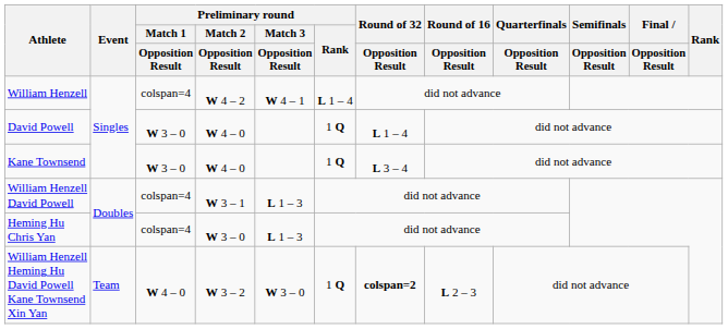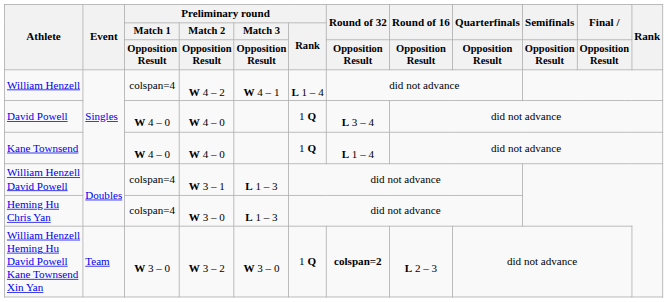 <table class="wikitable" style="font-size:90%">
 <tr>
 <th rowspan=3>Athlete</th>
 <th rowspan=3>Event</th>
 <th colspan=4>Preliminary round</th>
 <th rowspan=2>Round of 32</th>
 <th rowspan=2>Round of 16</th>
 <th rowspan=2>Quarterfinals</th>
 <th rowspan=2>Semifinals</th>
 <th rowspan=2>Final / </th>
 <th rowspan=3>Rank</th>
 </tr>
 <tr style="font-size:95%">
 <th>Match 1</th>
 <th>Match 2</th>
 <th>Match 3</th>
 <th rowspan=2>Rank</th>
 </tr>
 <tr style="font-size:95%">
 <th>Opposition<br>Result</th>
 <th>Opposition<br>Result</th>
 <th>Opposition<br>Result</th>
 <th>Opposition<br>Result</th>
 <th>Opposition<br>Result</th>
 <th>Opposition<br>Result</th>
 <th>Opposition<br>Result</th>
 <th>Opposition<br>Result</th>
 </tr>
 <tr align=center>
 <td align=left><a href='#'>William Henzell</a></td>
 <td align=left rowspan=3><a href='#'>Singles</a></td>
 <td>colspan=4 </td>
 <td><br><strong>W</strong> 4 – 2</td>
 <td><br><strong>W</strong> 4 – 1</td>
 <td><br><strong>L</strong> 1 – 4</td>
 <td colspan=3>did not advance</td>
 </tr>
 <tr align=center>
 <td align=left><a href='#'>David Powell</a></td>
-<td><br><strong>W</strong> 3 – 0</td>
+<td><br><strong>W</strong> 4 – 0</td>
+<td><br><strong>W</strong> 4 – 0</td>
+<td></td>
+<td>1 <strong>Q</strong></td>
+<td><br><strong>L</strong> 3 – 4</td>
+<td colspan=5>did not advance</td>
+</tr>
+<tr align=center>
+<td align=left><a href='#'>Kane Townsend</a></td>
+<td><br><strong>W</strong> 4 – 0</td>
 <td><br><strong>W</strong> 4 – 0</td>
 <td></td>
 <td>1 <strong>Q</strong></td>
 <td><br><strong>L</strong> 1 – 4</td>
-<td colspan=5>did not advance</td>
-</tr>
-<tr align=center>
-<td align=left><a href='#'>Kane Townsend</a></td>
-<td><br><strong>W</strong> 3 – 0</td>
-<td><br><strong>W</strong> 4 – 0</td>
-<td></td>
-<td>1 <strong>Q</strong></td>
-<td><br><strong>L</strong> 3 – 4</td>
 <td colspan=5>did not advance</td>
 </tr>
 <tr align=center>
 <td align=left><a href='#'>William Henzell</a><br><a href='#'>David Powell</a></td>
 <td align=left rowspan=2><a href='#'>Doubles</a></td>
 <td>colspan=4 </td>
 <td><br><strong>W</strong> 3 – 1</td>
 <td><br><strong>L</strong> 1 – 3</td>
 <td colspan=4>did not advance</td>
 </tr>
 <tr align=center>
 <td align=left><a href='#'>Heming Hu</a><br><a href='#'>Chris Yan</a></td>
 <td>colspan=4 </td>
 <td><br><strong>W</strong> 3 – 0</td>
 <td><br><strong>L</strong> 1 – 3</td>
 <td colspan=4>did not advance</td>
 </tr>
 <tr align=center>
 <td align=left><a href='#'>William Henzell</a><br><a href='#'>Heming Hu</a><br><a href='#'>David Powell</a><br><a href='#'>Kane Townsend</a><br><a href='#'>Xin Yan</a></td>
 <td align=left><a href='#'>Team</a></td>
-<td><br><strong>W</strong> 4 – 0</td>
+<td><br><strong>W</strong> 3 – 0</td>
 <td><br><strong>W</strong> 3 – 2</td>
 <td><br><strong>W</strong> 3 – 0</td>
 <td>1 <strong>Q</strong></td>
 <td><strong>colspan=2 </strong></td>
 <td><br><strong>L</strong> 2 – 3</td>
 <td colspan=3>did not advance</td>
 </tr>
 </table>
